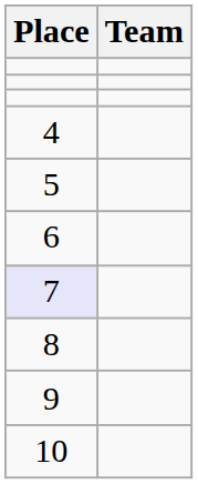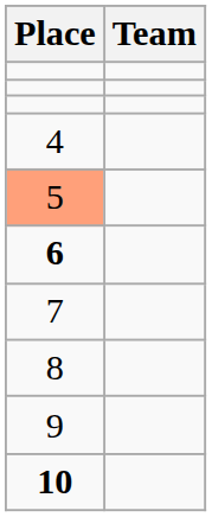 <table class="wikitable">
 <tr>
 <th scope="col">Place</th>
 <th scope="col">Team</th>
 </tr>
 <tr>
 <td align=center></td>
 <td></td>
 </tr>
 <tr>
 <td align=center></td>
 <td></td>
 </tr>
 <tr>
 <td align=center></td>
 <td></td>
 </tr>
 <tr>
 <td align=center>4</td>
 <td></td>
 </tr>
 <tr>
-<td align=center>5</td>
+<td align=center style="background: lightsalmon;">5</td>
 <td></td>
 </tr>
 <tr>
-<td align=center>6</td>
+<td align=center><strong>6</strong></td>
 <td></td>
 </tr>
 <tr>
-<td align=center style="background: lavender;">7</td>
+<td align=center>7</td>
 <td></td>
 </tr>
 <tr>
 <td align=center>8</td>
 <td></td>
 </tr>
 <tr>
 <td align=center>9</td>
 <td></td>
 </tr>
 <tr>
-<td align=center>10</td>
+<td align=center><strong>10</strong></td>
 <td></td>
 </tr>
 </table>
